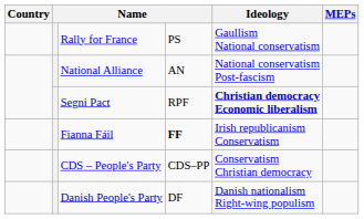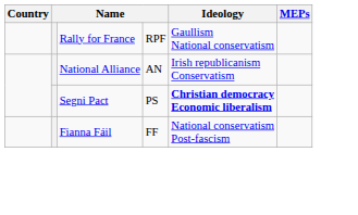 <table class="wikitable">
 <tr>
 <th>Country</th>
 <th colspan="3">Name</th>
 <th>Ideology</th>
 <th><a href='#'>MEPs</a></th>
 </tr>
 <tr>
 <td></td>
 <th style="background:"></th>
 <td><a href='#'>Rally for France</a></td>
-<td>PS</td>
+<td>RPF</td>
 <td><a href='#'>Gaullism</a><br><a href='#'>National conservatism</a></td>
 <td></td>
 </tr>
 <tr>
 <td rowspan="2"></td>
 <th style="background:"></th>
 <td><a href='#'>National Alliance</a></td>
 <td>AN</td>
-<td><a href='#'>National conservatism</a><br><a href='#'>Post-fascism</a></td>
+<td><a href='#'>Irish republicanism</a><br><a href='#'>Conservatism</a></td>
 <td></td>
 </tr>
 <tr>
 <th style="background:"></th>
 <td><a href='#'>Segni Pact</a></td>
-<td>RPF</td>
+<td>PS</td>
 <td><strong><a href='#'>Christian democracy</a><br><a href='#'>Economic liberalism</a></strong></td>
 <td></td>
 </tr>
 <tr>
 <td></td>
 <th style="background:"></th>
 <td><a href='#'>Fianna Fáil</a></td>
-<td><strong>FF</strong></td>
-<td><a href='#'>Irish republicanism</a><br><a href='#'>Conservatism</a></td>
-<td></td>
-</tr>
-<tr>
-<td></td>
-<th style="background:"></th>
-<td><a href='#'>CDS – People's Party</a></td>
-<td>CDS–PP</td>
-<td><a href='#'>Conservatism</a><br><a href='#'>Christian democracy</a></td>
-<td></td>
-</tr>
-<tr>
-<td></td>
-<th style="background:"></th>
-<td><a href='#'>Danish People's Party</a></td>
-<td>DF</td>
-<td><a href='#'>Danish nationalism</a><br><a href='#'>Right-wing populism</a></td>
+<td>FF</td>
+<td><a href='#'>National conservatism</a><br><a href='#'>Post-fascism</a></td>
 <td></td>
 </tr>
 </table>
